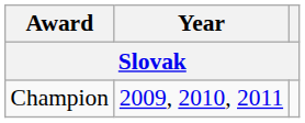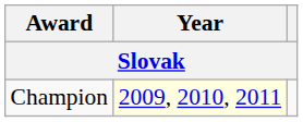 <table class="wikitable">
 <tr>
 <th>Award</th>
 <th>Year</th>
 <th></th>
 </tr>
 <tr>
 <th colspan="3"><a href='#'>Slovak</a></th>
 </tr>
 <tr>
 <td>Champion</td>
-<td><a href='#'>2009</a>, <a href='#'>2010</a>, <a href='#'>2011</a></td>
+<td style="background: lightyellow;"><a href='#'>2009</a>, <a href='#'>2010</a>, <a href='#'>2011</a></td>
 </tr>
 </table>
